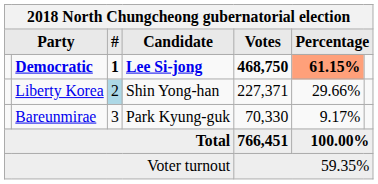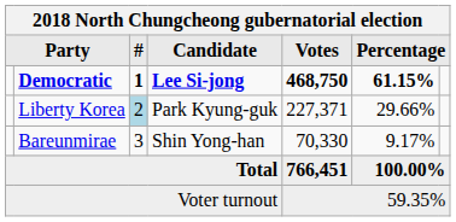 <table class="wikitable">
 <tr>
 <th colspan="7">2018 North Chungcheong gubernatorial election</th>
 </tr>
 <tr>
 <th style="background-color:#E9E9E9" colspan=2>Party</th>
 <th style="background-color:#E9E9E9">#</th>
 <th style="background-color:#E9E9E9">Candidate</th>
 <th style="background-color:#E9E9E9">Votes</th>
 <th style="background-color:#E9E9E9" colspan=2>Percentage</th>
 </tr>
 <tr style="font-weight:bold">
 <td></td>
 <td align=left><a href='#'>Democratic</a></td>
 <td align=center>1</td>
 <td align=left><a href='#'>Lee Si-jong</a></td>
 <td align=right>468,750</td>
-<td align=right style="background: lightsalmon;">61.15%</td>
+<td align=right>61.15%</td>
 <td align=right></td>
 </tr>
 <tr>
 <td></td>
 <td align=left><a href='#'>Liberty Korea</a></td>
 <td align=center style="background: lightblue;">2</td>
-<td align=left>Shin Yong-han</td>
+<td align=left>Park Kyung-guk</td>
 <td align=right>227,371</td>
 <td align=right>29.66%</td>
 <td align=right></td>
 </tr>
 <tr>
 <td></td>
 <td align=left><a href='#'>Bareunmirae</a></td>
 <td align=center>3</td>
-<td align=left>Park Kyung-guk</td>
+<td align=left>Shin Yong-han</td>
 <td align=right>70,330</td>
 <td align=right>9.17%</td>
 <td align=right></td>
 </tr>
 <tr bgcolor="#EEEEEE" style="font-weight:bold">
 <td colspan="4" align=right>Total</td>
 <td align=right>766,451</td>
 <td align=right colspan=2>100.00%</td>
 </tr>
 <tr bgcolor="#EEEEEE">
 <td colspan="4" align="right">Voter turnout</td>
 <td colspan="3" align="right">59.35%</td>
 </tr>
 </table>
